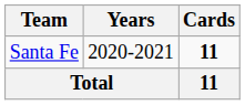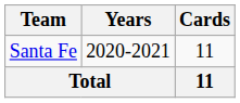 <table class="wikitable" style="text-align:center">
 <tr>
 <th>Team</th>
 <th>Years</th>
 <th>Cards</th>
 </tr>
 <tr>
 <td><a href='#'>Santa Fe</a></td>
 <td>2020-2021</td>
-<td><strong>11</strong></td>
+<td>11</td>
 </tr>
 <tr>
 <th colspan=2>Total</th>
 <th>11</th>
 </tr>
 </table>
